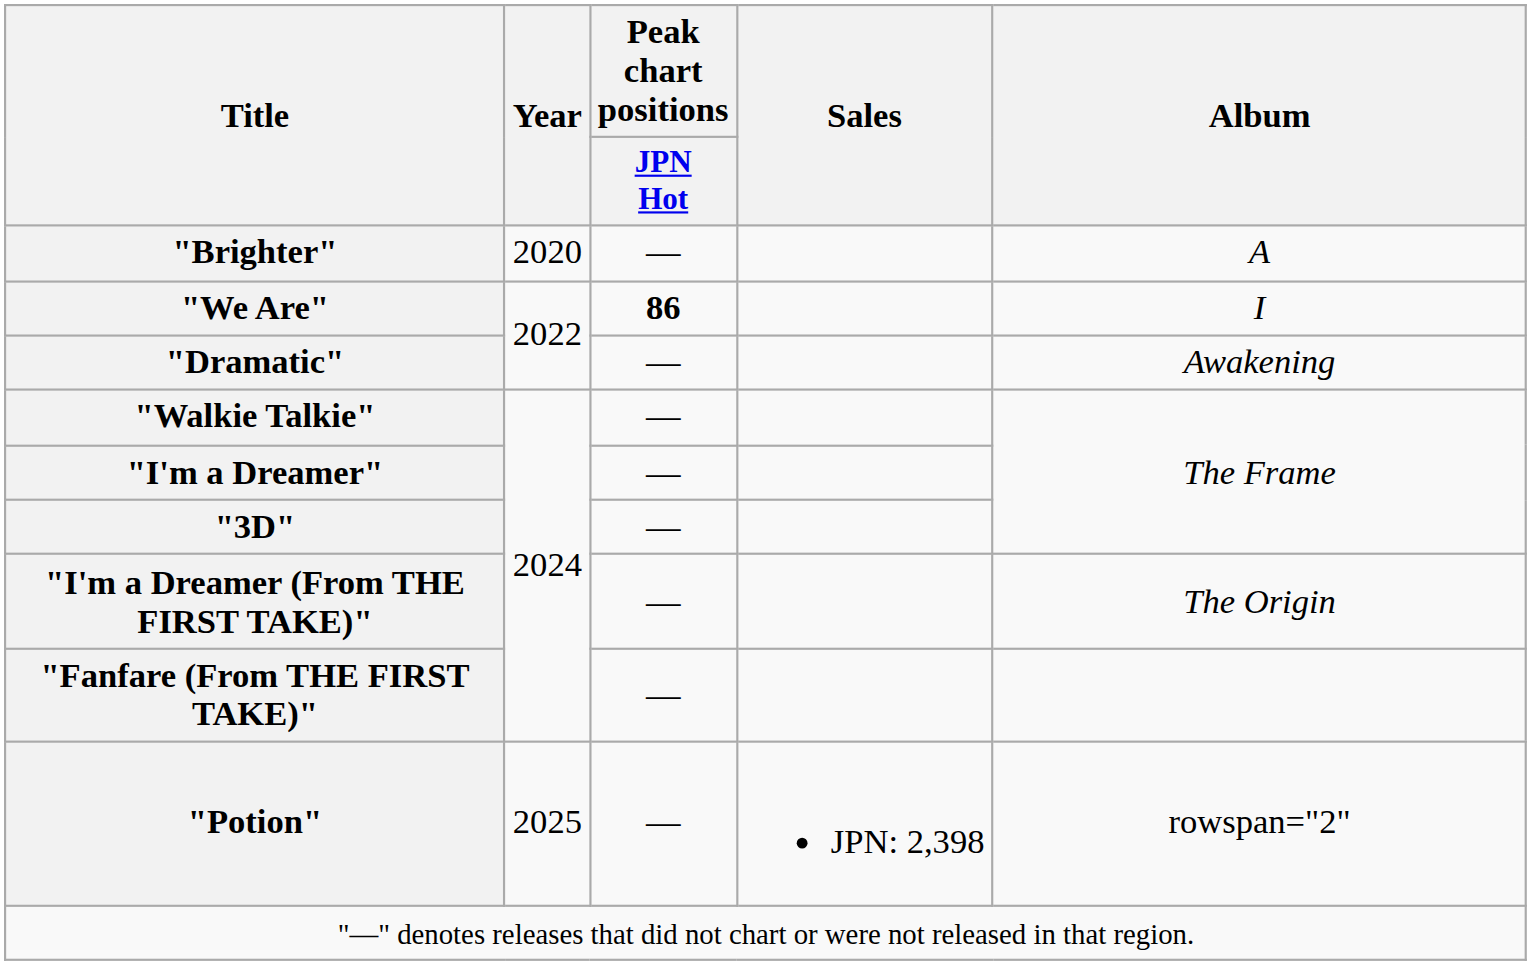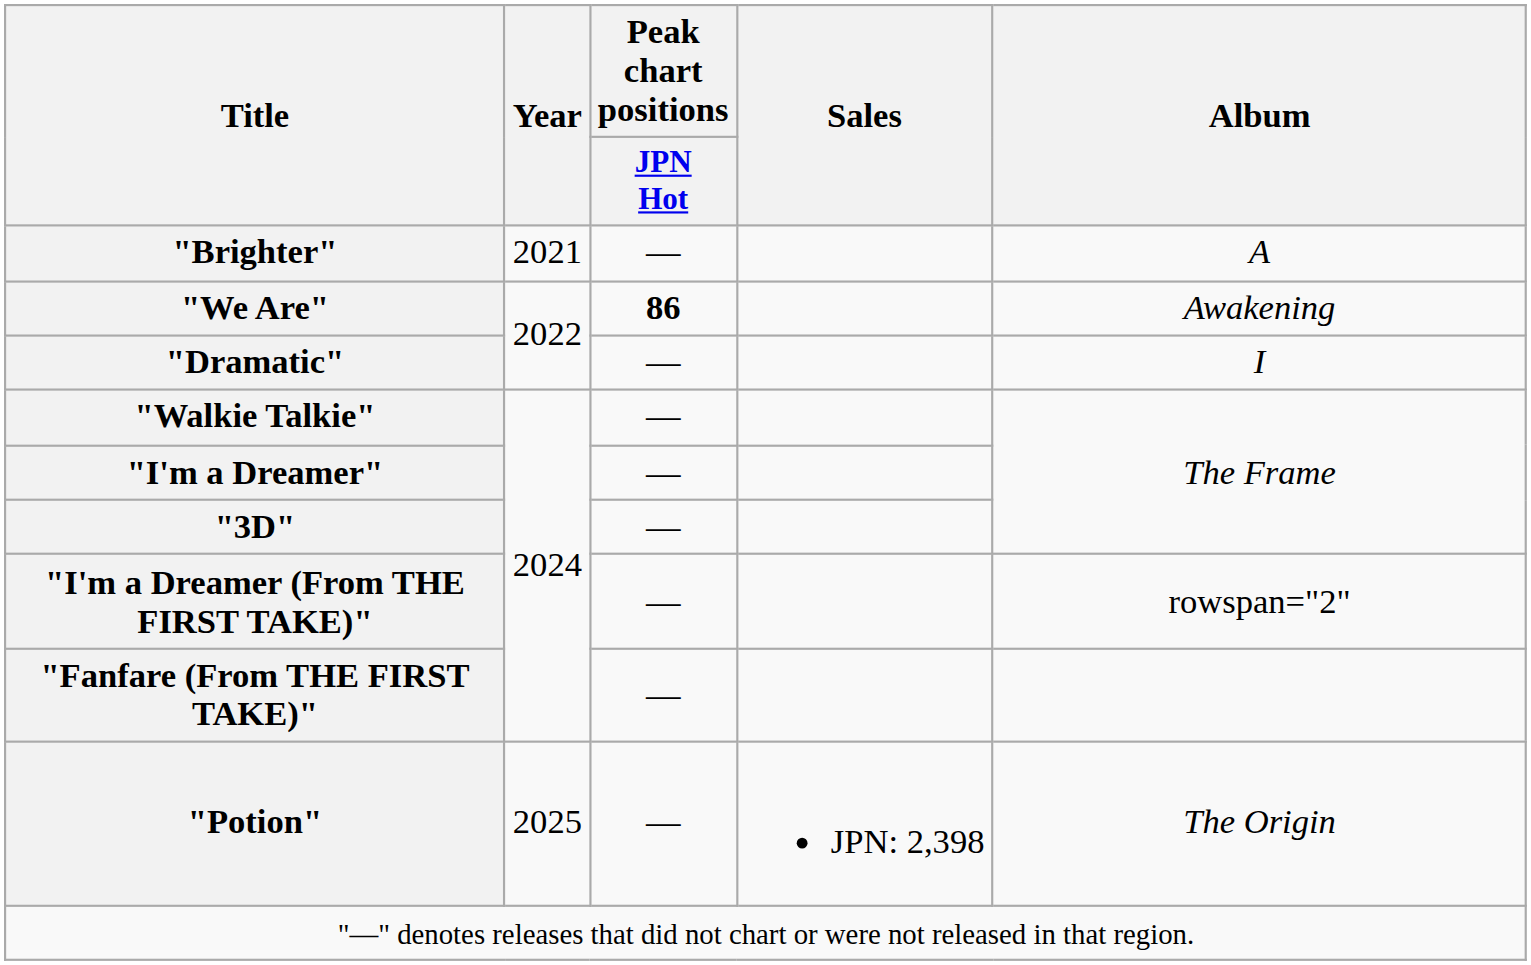 <table class="wikitable plainrowheaders" style="text-align:center;">
 <tr>
 <th scope="col" rowspan="2" style="width:14em;">Title</th>
 <th scope="col" rowspan="2" style="width:2em;">Year</th>
 <th scope="col">Peak chart positions</th>
 <th rowspan="2">Sales</th>
 <th scope="col" rowspan="2" style="width:15em;">Album</th>
 </tr>
 <tr>
 <th scope="col" style="width:2.5em;font-size:90%;"><a href='#'>JPN<br>Hot</a><br></th>
 </tr>
 <tr>
 <th scope="row">"Brighter"</th>
-<td>2020</td>
+<td>2021</td>
 <td>—</td>
 <td></td>
 <td><em>A</em></td>
 </tr>
 <tr>
 <th scope="row">"We Are"</th>
 <td rowspan="2">2022</td>
 <td><strong>86</strong></td>
 <td></td>
-<td><em>I</em></td>
+<td><em>Awakening</em></td>
 </tr>
 <tr>
 <th scope="row">"Dramatic"</th>
 <td>—</td>
 <td></td>
-<td><em>Awakening</em></td>
+<td><em>I</em></td>
 </tr>
 <tr>
 <th scope="row">"Walkie Talkie"</th>
 <td rowspan="5">2024</td>
 <td>—</td>
 <td></td>
 <td rowspan="3"><em>The Frame</em></td>
 </tr>
 <tr>
 <th scope="row">"I'm a Dreamer"</th>
 <td>—</td>
 <td></td>
 </tr>
 <tr>
 <th scope="row">"3D"</th>
 <td>—</td>
 <td></td>
 </tr>
 <tr>
 <th scope="row">"I'm a Dreamer (From THE FIRST TAKE)"</th>
 <td>—</td>
 <td></td>
-<td><em>The Origin</em></td>
+<td>rowspan="2" </td>
 </tr>
 <tr>
 <th scope="row">"Fanfare (From THE FIRST TAKE)"</th>
 <td>—</td>
 <td></td>
 </tr>
 <tr>
 <th scope="row">"Potion"</th>
 <td>2025</td>
 <td>—</td>
 <td><br><ul><li>JPN: 2,398 </li></ul></td>
-<td>rowspan="2" </td>
+<td><em>The Origin</em></td>
 </tr>
 <tr>
 <td colspan="6"><small>"—" denotes releases that did not chart or were not released in that region.</small></td>
 </tr>
 </table>
